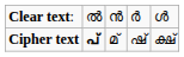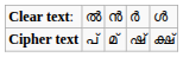 <table class="wikitable">
 <tr>
 <td><strong>Clear text</strong>:</td>
 <td>ല്‍</td>
 <td>ന്‍</td>
 <td>ര്‍</td>
 <td>ള്‍</td>
 </tr>
 <tr>
 <td><strong>Cipher text</strong></td>
-<td><strong>പ്</strong></td>
+<td>പ്</td>
 <td>മ്</td>
 <td>ഷ്</td>
 <td>ക്ഷ്</td>
 </tr>
 </table>
